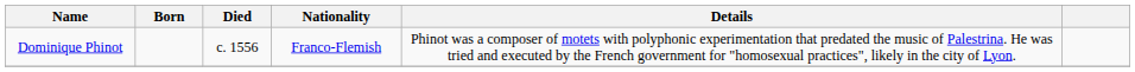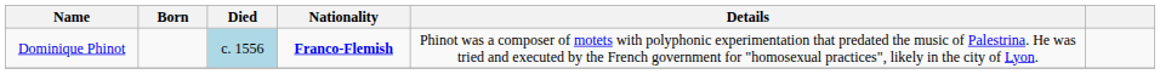 <table class="wikitable plainrowheaders" style="text-align:center; width:100%;">
 <tr>
 <th style="width: 140px">Name</th>
 <th style="width: 70px">Born</th>
 <th style="width: 70px">Died</th>
 <th style="width: 140px">Nationality</th>
 <th style="width: 750px">Details</th>
 <th style="width: 70px"></th>
 </tr>
 <tr>
 <td><a href='#'>Dominique Phinot</a></td>
 <td></td>
-<td>c. 1556</td>
-<td><a href='#'>Franco-Flemish</a></td>
+<td style="background: lightblue;">c. 1556</td>
+<td><strong><a href='#'>Franco-Flemish</a></strong></td>
 <td>Phinot was a composer of <a href='#'>motets</a> with polyphonic experimentation that predated the music of <a href='#'>Palestrina</a>. He was tried and executed by the French government for "homosexual practices", likely in the city of <a href='#'>Lyon</a>.</td>
 <td></td>
 </tr>
 <tr>
 </tr>
 </table>
